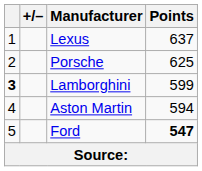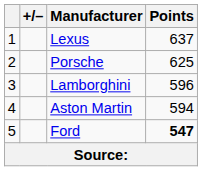 <table class="wikitable" style="font-size: 95%;">
 <tr>
 <th scope="col"></th>
 <th scope="col">+/–</th>
 <th scope="col">Manufacturer</th>
 <th scope="col">Points</th>
 </tr>
 <tr>
 <td align=center>1</td>
 <td align=left></td>
 <td> <a href='#'>Lexus</a></td>
 <td align=right>637</td>
 </tr>
 <tr>
 <td align=center>2</td>
 <td align=left></td>
 <td> <a href='#'>Porsche</a></td>
 <td align=right>625</td>
 </tr>
 <tr>
-<td align=center><strong>3</strong></td>
+<td align=center>3</td>
 <td align=left></td>
 <td> <a href='#'>Lamborghini</a></td>
-<td align=right>599</td>
+<td align=right>596</td>
 </tr>
 <tr>
 <td align=center>4</td>
 <td align=left></td>
 <td> <a href='#'>Aston Martin</a></td>
 <td align=right>594</td>
 </tr>
 <tr>
 <td align=center>5</td>
 <td align=left></td>
 <td> <a href='#'>Ford</a></td>
 <td align=right><strong>547</strong></td>
 </tr>
 <tr>
 <th colspan=5>Source:</th>
 </tr>
 </table>
